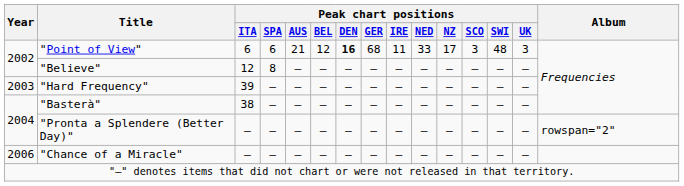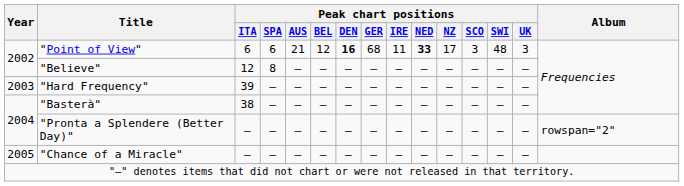 <table class="wikitable">
 <tr>
 <th rowspan="2" style="width:2em;">Year</th>
 <th rowspan="2" style="width:17em;">Title</th>
 <th colspan="12">Peak chart positions</th>
 <th rowspan="2" style="width:12em;">Album</th>
 </tr>
 <tr>
 <th style="width:2em;font-size:90%;"><a href='#'>ITA</a><br></th>
 <th style="width:2em;font-size:90%;"><a href='#'>SPA</a><br></th>
 <th style="width:2em;font-size:90%;"><a href='#'>AUS</a><br></th>
 <th style="width:2em;font-size:90%;"><a href='#'>BEL</a><br></th>
 <th style="width:2em;font-size:90%;"><a href='#'>DEN</a><br></th>
 <th style="width:2em;font-size:90%;"><a href='#'>GER</a><br></th>
 <th style="width:2em;font-size:90%;"><a href='#'>IRE</a><br></th>
 <th style="width:2em;font-size:90%;"><a href='#'>NED</a><br></th>
 <th style="width:2em;font-size:90%;"><a href='#'>NZ</a><br></th>
 <th style="width:2em;font-size:90%;"><a href='#'>SCO</a><br></th>
 <th style="width:2em;font-size:90%;"><a href='#'>SWI</a><br></th>
 <th style="width:2em;font-size:90%;"><a href='#'>UK</a><br></th>
 </tr>
 <tr>
 <td rowspan="2">2002</td>
 <td>"<a href='#'>Point of View</a>"</td>
 <td align="center">6</td>
 <td align="center">6</td>
 <td align="center">21</td>
 <td align="center">12</td>
 <td align="center"><strong>16</strong></td>
 <td align="center">68</td>
 <td align="center">11</td>
-<td align="center">33</td>
+<td align="center"><strong>33</strong></td>
 <td align="center">17</td>
 <td align="center">3</td>
 <td align="center">48</td>
 <td align="center">3</td>
 <td rowspan="4"><em>Frequencies</em></td>
 </tr>
 <tr>
 <td>"Believe"</td>
 <td align="center">12</td>
 <td align="center">8</td>
 <td align="center">—</td>
 <td align="center">—</td>
 <td align="center">—</td>
 <td align="center">—</td>
 <td align="center">—</td>
 <td align="center">—</td>
 <td align="center">—</td>
 <td align="center">—</td>
 <td align="center">—</td>
 <td align="center">—</td>
 </tr>
 <tr>
 <td>2003</td>
 <td>"Hard Frequency"</td>
 <td align="center">39</td>
 <td align="center">—</td>
 <td align="center">—</td>
 <td align="center">—</td>
 <td align="center">—</td>
 <td align="center">—</td>
 <td align="center">—</td>
 <td align="center">—</td>
 <td align="center">—</td>
 <td align="center">—</td>
 <td align="center">—</td>
 <td align="center">—</td>
 </tr>
 <tr>
 <td rowspan="2">2004</td>
 <td>"Basterà"</td>
 <td align="center">38</td>
 <td align="center">—</td>
 <td align="center">—</td>
 <td align="center">—</td>
 <td align="center">—</td>
 <td align="center">—</td>
 <td align="center">—</td>
 <td align="center">—</td>
 <td align="center">—</td>
 <td align="center">—</td>
 <td align="center">—</td>
 <td align="center">—</td>
 </tr>
 <tr>
 <td>"Pronta a Splendere (Better Day)"</td>
 <td align="center">—</td>
 <td align="center">—</td>
 <td align="center">—</td>
 <td align="center">—</td>
 <td align="center">—</td>
 <td align="center">—</td>
 <td align="center">—</td>
 <td align="center">—</td>
 <td align="center">—</td>
 <td align="center">—</td>
 <td align="center">—</td>
 <td align="center">—</td>
 <td>rowspan="2" </td>
 </tr>
 <tr>
-<td>2006</td>
+<td>2005</td>
 <td>"Chance of a Miracle"</td>
 <td align="center">—</td>
 <td align="center">—</td>
 <td align="center">—</td>
 <td align="center">—</td>
 <td align="center">—</td>
 <td align="center">—</td>
 <td align="center">—</td>
 <td align="center">—</td>
 <td align="center">—</td>
 <td align="center">—</td>
 <td align="center">—</td>
 <td align="center">—</td>
 </tr>
 <tr>
 <td align="center" colspan="15" style="font-size:90%">"—" denotes items that did not chart or were not released in that territory.</td>
 </tr>
 </table>
